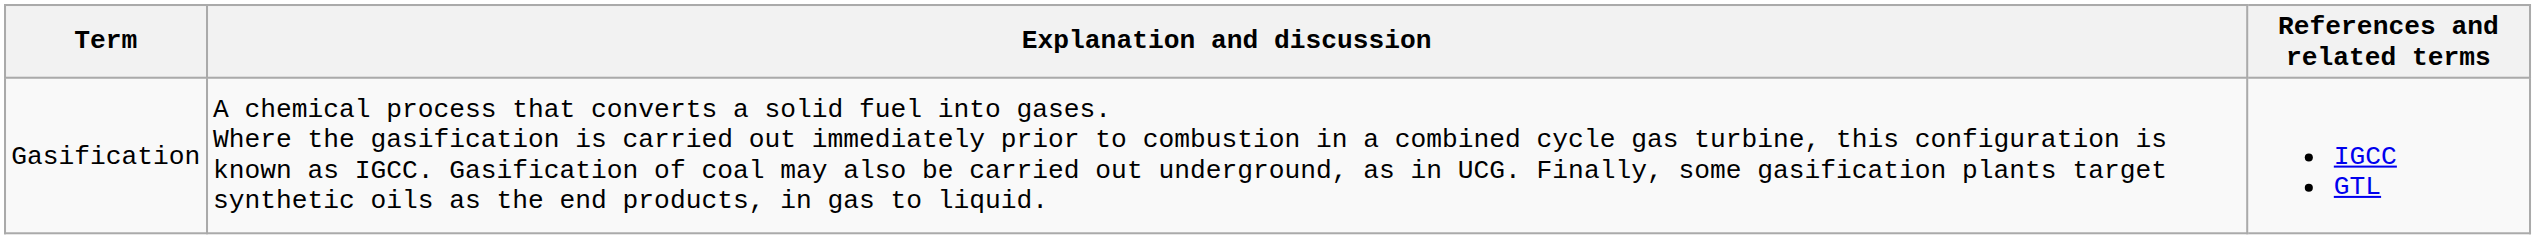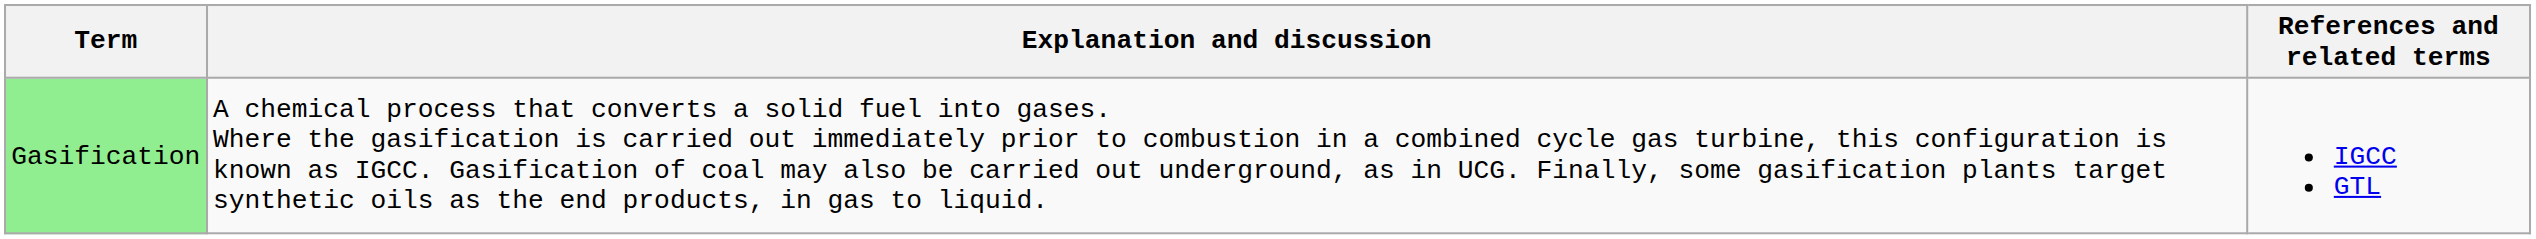 <table class="wikitable">
 <tr>
 <th>Term</th>
 <th>Explanation and discussion</th>
 <th>References and related terms</th>
 </tr>
 <tr>
-<td>Gasification</td>
+<td style="background: lightgreen;">Gasification</td>
 <td>A chemical process that converts a solid fuel into gases.<br>Where the gasification is carried out immediately prior to combustion in a combined cycle gas turbine, this configuration is known as IGCC.  Gasification of coal may also be carried out underground, as in UCG.  Finally, some gasification plants target synthetic oils as the end products, in gas to liquid.</td>
 <td><br><ul><li><a href='#'>IGCC</a></li><li><a href='#'>GTL</a></li></ul></td>
 </tr>
 </table>
